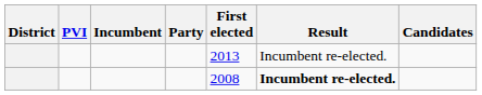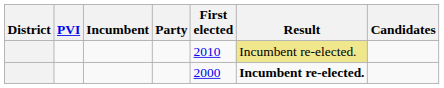 <table class="wikitable sortable">
 <tr valign=bottom>
 <th>District</th>
 <th><a href='#'>PVI</a></th>
 <th>Incumbent</th>
 <th>Party</th>
 <th>First<br>elected</th>
 <th>Result</th>
 <th>Candidates</th>
 </tr>
 <tr>
 <th></th>
 <td></td>
 <td></td>
 <td></td>
-<td><a href='#'>2013</a></td>
-<td>Incumbent re-elected.</td>
+<td><a href='#'>2010</a></td>
+<td style="background: khaki;">Incumbent re-elected.</td>
 <td nowrap></td>
 </tr>
 <tr>
 <th></th>
 <td></td>
 <td></td>
 <td></td>
-<td><a href='#'>2008</a></td>
+<td><a href='#'>2000</a></td>
 <td><strong>Incumbent re-elected.</strong></td>
 <td nowrap></td>
 </tr>
 </table>
